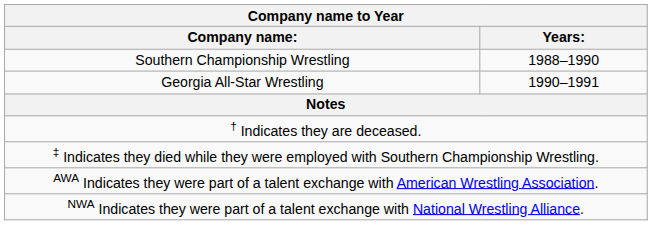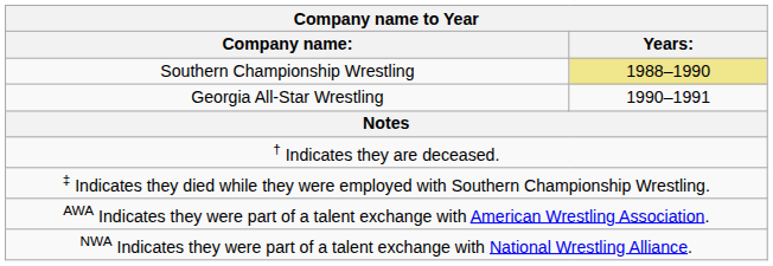 <table class="wikitable" width="70%" style="font-size:85%; text-align:center;">
 <tr>
 <th colspan="2">Company name to Year</th>
 </tr>
 <tr>
 <th>Company name:</th>
 <th>Years:</th>
 </tr>
 <tr>
 <td>Southern Championship Wrestling</td>
-<td>1988–1990</td>
+<td style="background: khaki;">1988–1990</td>
 </tr>
 <tr>
 <td>Georgia All-Star Wrestling</td>
 <td>1990–1991</td>
 </tr>
 <tr>
 <th colspan="2">Notes</th>
 </tr>
 <tr>
 <td colspan="2"><sup>†</sup> Indicates they are deceased.</td>
 </tr>
 <tr>
 <td colspan="2"><sup>‡</sup> Indicates they died while they were employed with Southern Championship Wrestling.</td>
 </tr>
 <tr>
 <td colspan="2"><sup>AWA</sup> Indicates they were part of a talent exchange with <a href='#'>American Wrestling Association</a>.</td>
 </tr>
 <tr>
 <td colspan="2"><sup>NWA</sup> Indicates they were part of a talent exchange with <a href='#'>National Wrestling Alliance</a>.</td>
 </tr>
 </table>
